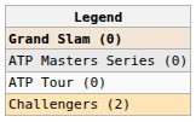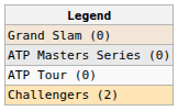 <table class=wikitable>
 <tr>
 <th>Legend</th>
 </tr>
 <tr bgcolor=f3e6d7>
-<td><strong>Grand Slam (0)</strong></td>
+<td>Grand Slam (0)</td>
 </tr>
 <tr bgcolor=e9e9e9>
 <td>ATP Masters Series (0)</td>
 </tr>
 <tr bgcolor=>
 <td>ATP Tour (0)</td>
 </tr>
 <tr bgcolor=moccasin>
 <td>Challengers (2)</td>
 </tr>
 </table>
